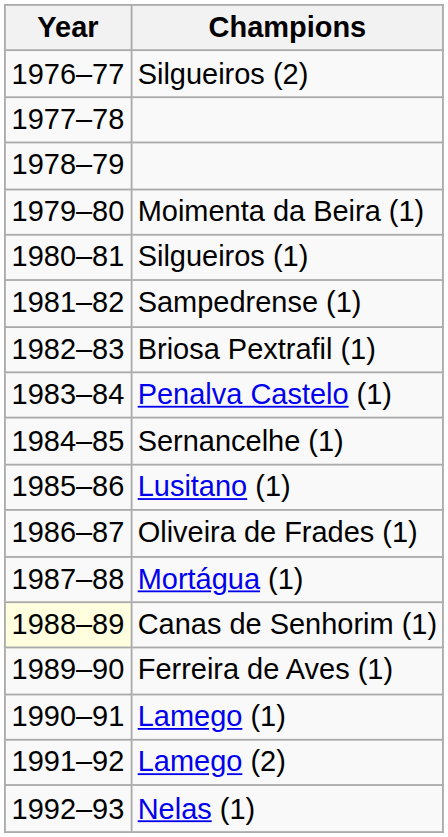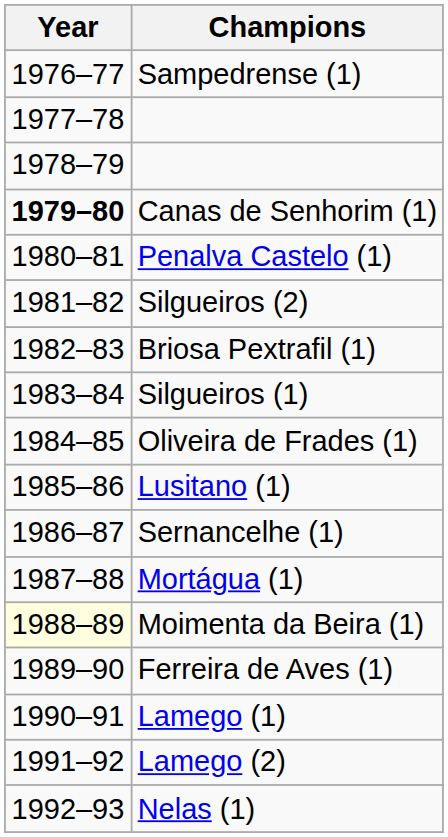 <table class="wikitable" style="text-align:left">
 <tr>
 <th style= width="100px">Year</th>
 <th style= width="400px">Champions</th>
 </tr>
 <tr>
 <td>1976–77</td>
-<td>Silgueiros (2)</td>
+<td>Sampedrense (1)</td>
 </tr>
 <tr>
 <td>1977–78</td>
 <td></td>
 </tr>
 <tr>
 <td>1978–79</td>
 <td></td>
 </tr>
 <tr>
-<td>1979–80</td>
-<td>Moimenta da Beira (1)</td>
+<td><strong>1979–80</strong></td>
+<td>Canas de Senhorim  (1)</td>
 </tr>
 <tr>
 <td>1980–81</td>
-<td>Silgueiros (1)</td>
+<td><a href='#'>Penalva Castelo</a> (1)</td>
 </tr>
 <tr>
 <td>1981–82</td>
-<td>Sampedrense (1)</td>
+<td>Silgueiros (2)</td>
 </tr>
 <tr>
 <td>1982–83</td>
 <td>Briosa Pextrafil (1)</td>
 </tr>
 <tr>
 <td>1983–84</td>
-<td><a href='#'>Penalva Castelo</a> (1)</td>
+<td>Silgueiros (1)</td>
 </tr>
 <tr>
 <td>1984–85</td>
-<td>Sernancelhe (1)</td>
+<td>Oliveira de Frades (1)</td>
 </tr>
 <tr>
 <td>1985–86</td>
 <td><a href='#'>Lusitano</a> (1)</td>
 </tr>
 <tr>
 <td>1986–87</td>
-<td>Oliveira de Frades (1)</td>
+<td>Sernancelhe (1)</td>
 </tr>
 <tr>
 <td>1987–88</td>
 <td><a href='#'>Mortágua</a> (1)</td>
 </tr>
 <tr>
 <td style="background: lightyellow;">1988–89</td>
-<td>Canas de Senhorim  (1)</td>
+<td>Moimenta da Beira (1)</td>
 </tr>
 <tr>
 <td>1989–90</td>
 <td>Ferreira de Aves (1)</td>
 </tr>
 <tr>
 <td>1990–91</td>
 <td><a href='#'>Lamego</a> (1)</td>
 </tr>
 <tr>
 <td>1991–92</td>
 <td><a href='#'>Lamego</a> (2)</td>
 </tr>
 <tr>
 <td>1992–93</td>
 <td><a href='#'>Nelas</a> (1)</td>
 </tr>
 </table>
